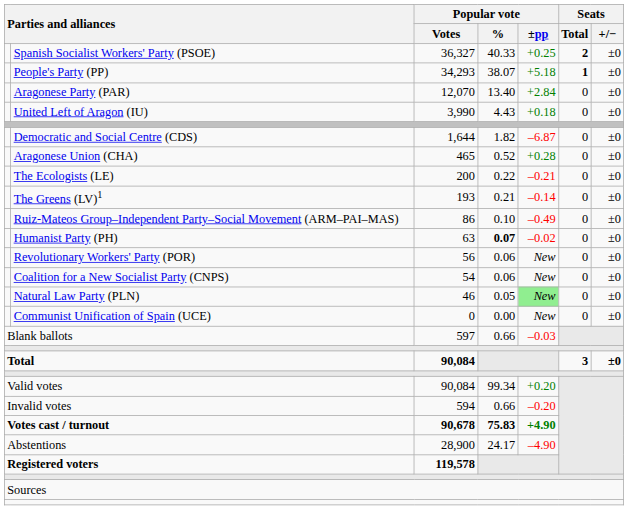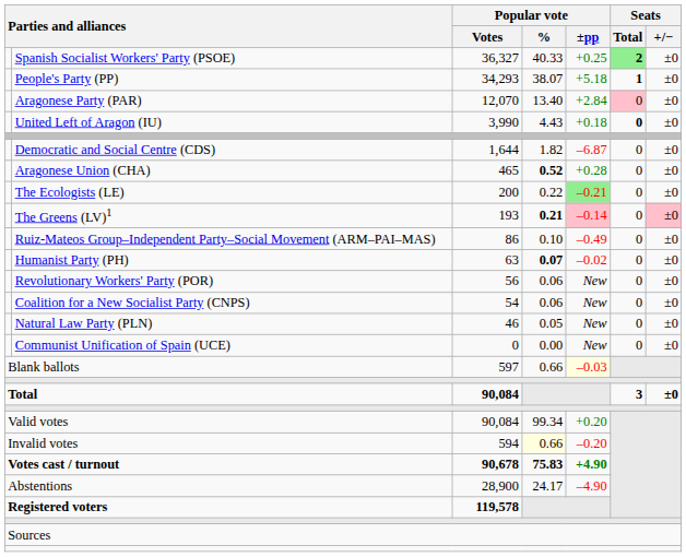 <table class="wikitable" style="text-align:right;">
 <tr>
 <th style="text-align:left;" rowspan="2" colspan="2" width="525">Parties and alliances</th>
 <th colspan="3">Popular vote</th>
 <th colspan="2">Seats</th>
 </tr>
 <tr>
 <th width="75">Votes</th>
 <th width="45">%</th>
 <th width="45">±<a href='#'>pp</a></th>
 <th width="35">Total</th>
 <th width="35">+/−</th>
 </tr>
 <tr>
 <td width="1" style="color:inherit;background:"></td>
 <td align="left"><a href='#'>Spanish Socialist Workers' Party</a> (PSOE)</td>
 <td>36,327</td>
 <td>40.33</td>
 <td style="color:green;">+0.25</td>
-<td><strong>2</strong></td>
+<td style="background: lightgreen;"><strong>2</strong></td>
 <td>±0</td>
 </tr>
 <tr>
 <td style="color:inherit;background:"></td>
 <td align="left"><a href='#'>People's Party</a> (PP)</td>
 <td>34,293</td>
 <td>38.07</td>
 <td style="color:green;">+5.18</td>
 <td><strong>1</strong></td>
 <td>±0</td>
 </tr>
 <tr>
 <td style="color:inherit;background:"></td>
 <td align="left"><a href='#'>Aragonese Party</a> (PAR)</td>
 <td>12,070</td>
 <td>13.40</td>
 <td style="color:green;">+2.84</td>
-<td>0</td>
+<td style="background: pink;">0</td>
 <td>±0</td>
 </tr>
 <tr>
 <td style="color:inherit;background:"></td>
 <td align="left"><a href='#'>United Left of Aragon</a> (IU)</td>
 <td>3,990</td>
 <td>4.43</td>
 <td style="color:green;">+0.18</td>
-<td>0</td>
+<td><strong>0</strong></td>
 <td>±0</td>
 </tr>
 <tr>
 <td colspan="7" bgcolor="#C0C0C0"></td>
 </tr>
 <tr>
 <td style="color:inherit;background:"></td>
 <td align="left"><a href='#'>Democratic and Social Centre</a> (CDS)</td>
 <td>1,644</td>
 <td>1.82</td>
 <td style="color:red;">–6.87</td>
 <td>0</td>
 <td>±0</td>
 </tr>
 <tr>
 <td style="color:inherit;background:"></td>
 <td align="left"><a href='#'>Aragonese Union</a> (CHA)</td>
 <td>465</td>
-<td>0.52</td>
+<td><strong>0.52</strong></td>
 <td style="color:green;">+0.28</td>
 <td>0</td>
 <td>±0</td>
 </tr>
 <tr>
 <td style="color:inherit;background:"></td>
 <td align="left"><a href='#'>The Ecologists</a> (LE)</td>
 <td>200</td>
 <td>0.22</td>
-<td style="color:red;">–0.21</td>
+<td style="background: lightgreen; color:red;">–0.21</td>
 <td>0</td>
 <td>±0</td>
 </tr>
 <tr>
 <td style="color:inherit;background:"></td>
 <td align="left"><a href='#'>The Greens</a> (LV)<sup>1</sup></td>
 <td>193</td>
-<td>0.21</td>
-<td style="color:red;">–0.14</td>
+<td><strong>0.21</strong></td>
+<td style="background: pink; color:red;">–0.14</td>
 <td>0</td>
-<td>±0</td>
+<td style="background: pink;">±0</td>
 </tr>
 <tr>
 <td style="color:inherit;background:"></td>
 <td align="left"><a href='#'>Ruiz-Mateos Group–Independent Party–Social Movement</a> (ARM–PAI–MAS)</td>
 <td>86</td>
 <td>0.10</td>
 <td style="color:red;">–0.49</td>
 <td>0</td>
 <td>±0</td>
 </tr>
 <tr>
 <td style="color:inherit;background:"></td>
 <td align="left"><a href='#'>Humanist Party</a> (PH)</td>
 <td>63</td>
 <td><strong>0.07</strong></td>
 <td style="color:red;">–0.02</td>
 <td>0</td>
 <td>±0</td>
 </tr>
 <tr>
 <td style="color:inherit;background:"></td>
 <td align="left"><a href='#'>Revolutionary Workers' Party</a> (POR)</td>
 <td>56</td>
 <td>0.06</td>
 <td><em>New</em></td>
 <td>0</td>
 <td>±0</td>
 </tr>
 <tr>
 <td style="color:inherit;background:"></td>
 <td align="left"><a href='#'>Coalition for a New Socialist Party</a> (CNPS)</td>
 <td>54</td>
 <td>0.06</td>
 <td><em>New</em></td>
 <td>0</td>
 <td>±0</td>
 </tr>
 <tr>
 <td style="color:inherit;background:"></td>
 <td align="left"><a href='#'>Natural Law Party</a> (PLN)</td>
 <td>46</td>
 <td>0.05</td>
-<td style="background: lightgreen;"><em>New</em></td>
+<td><em>New</em></td>
 <td>0</td>
 <td>±0</td>
 </tr>
 <tr>
 <td style="color:inherit;background:"></td>
 <td align="left"><a href='#'>Communist Unification of Spain</a> (UCE)</td>
 <td>0</td>
 <td>0.00</td>
 <td><em>New</em></td>
 <td>0</td>
 <td>±0</td>
 </tr>
 <tr>
 <td align="left" colspan="2">Blank ballots</td>
 <td>597</td>
 <td>0.66</td>
-<td style="color:red;">–0.03</td>
+<td style="background: lightyellow; color:red;">–0.03</td>
 <td bgcolor="#E9E9E9" colspan="2"></td>
 </tr>
 <tr>
 <td colspan="7" bgcolor="#E9E9E9"></td>
 </tr>
 <tr style="font-weight:bold;">
 <td align="left" colspan="2">Total</td>
 <td>90,084</td>
 <td bgcolor="#E9E9E9" colspan="2"></td>
 <td>3</td>
 <td>±0</td>
 </tr>
 <tr>
 <td colspan="7" bgcolor="#E9E9E9"></td>
 </tr>
 <tr>
 <td align="left" colspan="2">Valid votes</td>
 <td>90,084</td>
 <td>99.34</td>
 <td style="color:green;">+0.20</td>
 <td bgcolor="#E9E9E9" colspan="2" rowspan="5"></td>
 </tr>
 <tr>
 <td align="left" colspan="2">Invalid votes</td>
 <td>594</td>
-<td>0.66</td>
+<td style="background: lightyellow;">0.66</td>
 <td style="color:red;">–0.20</td>
 </tr>
 <tr style="font-weight:bold;">
 <td align="left" colspan="2">Votes cast / turnout</td>
 <td>90,678</td>
 <td>75.83</td>
 <td style="color:green;">+4.90</td>
 </tr>
 <tr>
 <td align="left" colspan="2">Abstentions</td>
 <td>28,900</td>
 <td>24.17</td>
 <td style="color:red;">–4.90</td>
 </tr>
 <tr style="font-weight:bold;">
 <td align="left" colspan="2">Registered voters</td>
 <td>119,578</td>
 <td bgcolor="#E9E9E9" colspan="2"></td>
 </tr>
 <tr>
 <td colspan="7" bgcolor="#E9E9E9"></td>
 </tr>
 <tr>
 <td align="left" colspan="7">Sources</td>
 </tr>
 <tr>
 <td colspan="7" style="text-align:left; max-width:790px;"></td>
 </tr>
 </table>
